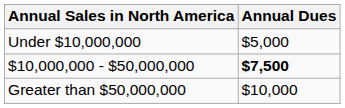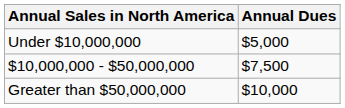 <table class="wikitable">
 <tr>
 <th>Annual Sales in North America</th>
 <th>Annual Dues</th>
 </tr>
 <tr>
 <td>Under $10,000,000</td>
 <td>$5,000</td>
 </tr>
 <tr>
 <td>$10,000,000 - $50,000,000</td>
-<td><strong>$7,500</strong></td>
+<td>$7,500</td>
 </tr>
 <tr>
 <td>Greater than $50,000,000</td>
 <td>$10,000</td>
 </tr>
 </table>
